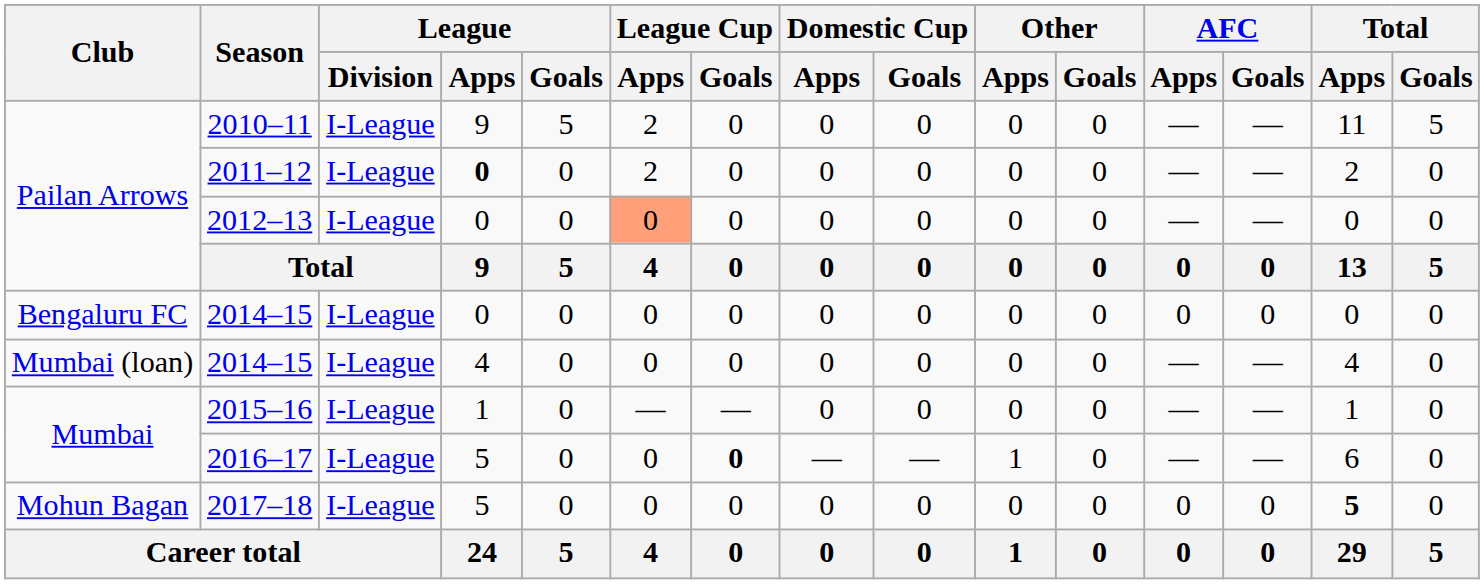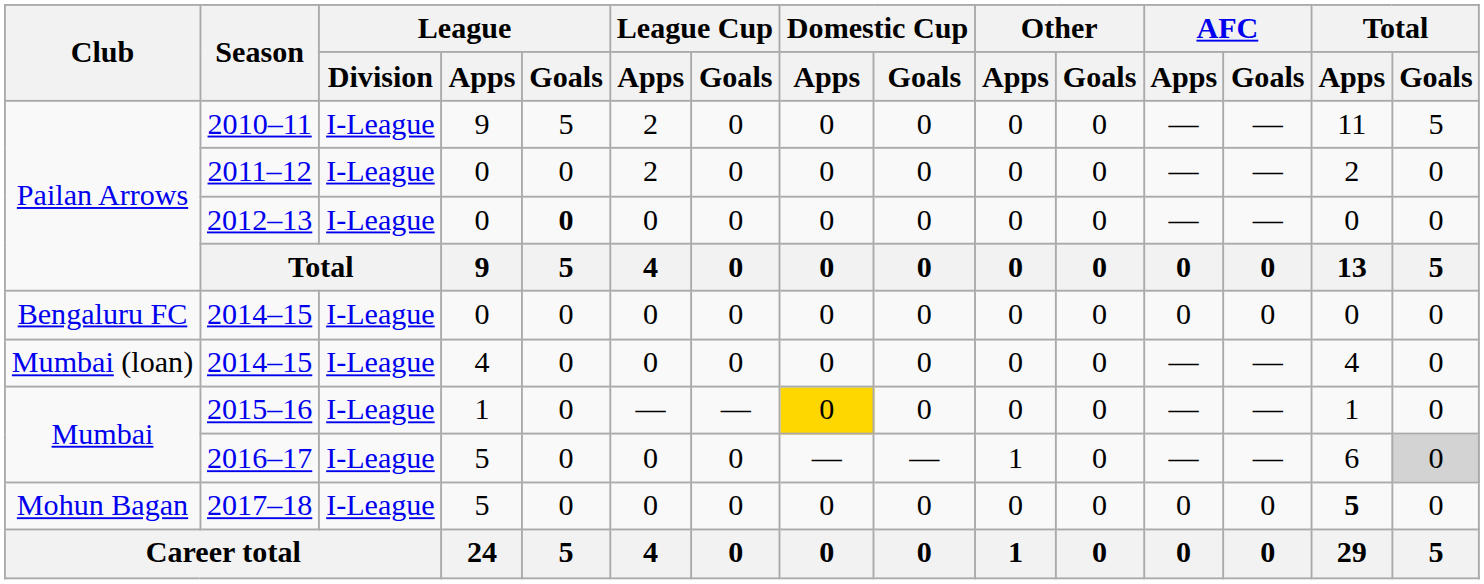 <table class="wikitable" style="text-align: center;">
 <tr>
 <th rowspan="2">Club</th>
 <th rowspan="2">Season</th>
 <th colspan="3">League</th>
 <th colspan="2">League Cup</th>
 <th colspan="2">Domestic Cup</th>
 <th colspan="2">Other</th>
 <th colspan="2"><a href='#'>AFC</a></th>
 <th colspan="2">Total</th>
 </tr>
 <tr>
 <th>Division</th>
 <th>Apps</th>
 <th>Goals</th>
 <th>Apps</th>
 <th>Goals</th>
 <th>Apps</th>
 <th>Goals</th>
 <th>Apps</th>
 <th>Goals</th>
 <th>Apps</th>
 <th>Goals</th>
 <th>Apps</th>
 <th>Goals</th>
 </tr>
 <tr>
 <td rowspan="4"><a href='#'>Pailan Arrows</a></td>
 <td><a href='#'>2010–11</a></td>
 <td><a href='#'>I-League</a></td>
 <td>9</td>
 <td>5</td>
 <td>2</td>
 <td>0</td>
 <td>0</td>
 <td>0</td>
 <td>0</td>
 <td>0</td>
 <td>—</td>
 <td>—</td>
 <td>11</td>
 <td>5</td>
 </tr>
 <tr>
 <td><a href='#'>2011–12</a></td>
 <td><a href='#'>I-League</a></td>
-<td><strong>0</strong></td>
+<td>0</td>
 <td>0</td>
 <td>2</td>
 <td>0</td>
 <td>0</td>
 <td>0</td>
 <td>0</td>
 <td>0</td>
 <td>—</td>
 <td>—</td>
 <td>2</td>
 <td>0</td>
 </tr>
 <tr>
 <td><a href='#'>2012–13</a></td>
 <td><a href='#'>I-League</a></td>
 <td>0</td>
+<td><strong>0</strong></td>
 <td>0</td>
-<td style="background: lightsalmon;">0</td>
 <td>0</td>
 <td>0</td>
 <td>0</td>
 <td>0</td>
 <td>0</td>
 <td>—</td>
 <td>—</td>
 <td>0</td>
 <td>0</td>
 </tr>
 <tr>
 <th colspan="2">Total</th>
 <th>9</th>
 <th>5</th>
 <th>4</th>
 <th>0</th>
 <th>0</th>
 <th>0</th>
 <th>0</th>
 <th>0</th>
 <th>0</th>
 <th>0</th>
 <th>13</th>
 <th>5</th>
 </tr>
 <tr>
 <td rowspan="1"><a href='#'>Bengaluru FC</a></td>
 <td><a href='#'>2014–15</a></td>
 <td><a href='#'>I-League</a></td>
 <td>0</td>
 <td>0</td>
 <td>0</td>
 <td>0</td>
 <td>0</td>
 <td>0</td>
 <td>0</td>
 <td>0</td>
 <td>0</td>
 <td>0</td>
 <td>0</td>
 <td>0</td>
 </tr>
 <tr>
 <td rowspan="1"><a href='#'>Mumbai</a> (loan)</td>
 <td><a href='#'>2014–15</a></td>
 <td><a href='#'>I-League</a></td>
 <td>4</td>
 <td>0</td>
 <td>0</td>
 <td>0</td>
 <td>0</td>
 <td>0</td>
 <td>0</td>
 <td>0</td>
 <td>—</td>
 <td>—</td>
 <td>4</td>
 <td>0</td>
 </tr>
 <tr>
 <td rowspan="2"><a href='#'>Mumbai</a></td>
 <td><a href='#'>2015–16</a></td>
 <td><a href='#'>I-League</a></td>
 <td>1</td>
 <td>0</td>
 <td>—</td>
 <td>—</td>
-<td>0</td>
+<td style="background: gold;">0</td>
 <td>0</td>
 <td>0</td>
 <td>0</td>
 <td>—</td>
 <td>—</td>
 <td>1</td>
 <td>0</td>
 </tr>
 <tr>
 <td><a href='#'>2016–17</a></td>
 <td><a href='#'>I-League</a></td>
 <td>5</td>
 <td>0</td>
 <td>0</td>
-<td><strong>0</strong></td>
+<td>0</td>
 <td>—</td>
 <td>—</td>
 <td>1</td>
 <td>0</td>
 <td>—</td>
 <td>—</td>
 <td>6</td>
-<td>0</td>
+<td style="background: lightgrey;">0</td>
 </tr>
 <tr>
 <td rowspan="1"><a href='#'>Mohun Bagan</a></td>
 <td><a href='#'>2017–18</a></td>
 <td><a href='#'>I-League</a></td>
 <td>5</td>
 <td>0</td>
 <td>0</td>
 <td>0</td>
 <td>0</td>
 <td>0</td>
 <td>0</td>
 <td>0</td>
 <td>0</td>
 <td>0</td>
 <td><strong>5</strong></td>
 <td>0</td>
 </tr>
 <tr>
 <th colspan="3">Career total</th>
 <th>24</th>
 <th>5</th>
 <th>4</th>
 <th>0</th>
 <th>0</th>
 <th>0</th>
 <th>1</th>
 <th>0</th>
 <th>0</th>
 <th>0</th>
 <th>29</th>
 <th>5</th>
 </tr>
 </table>
